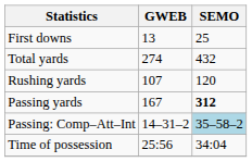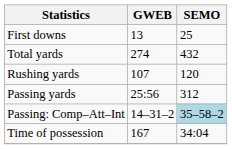 <table class="wikitable" style="float: left;">
 <tr>
 <th>Statistics</th>
 <th>GWEB</th>
 <th>SEMO</th>
 </tr>
 <tr>
 <td>First downs</td>
 <td>13</td>
 <td>25</td>
 </tr>
 <tr>
 <td>Total yards</td>
 <td>274</td>
 <td>432</td>
 </tr>
 <tr>
 <td>Rushing yards</td>
 <td>107</td>
 <td>120</td>
 </tr>
 <tr>
 <td>Passing yards</td>
-<td>167</td>
-<td><strong>312</strong></td>
+<td>25:56</td>
+<td>312</td>
 </tr>
 <tr>
 <td>Passing: Comp–Att–Int</td>
 <td>14–31–2</td>
 <td style="background: lightblue;">35–58–2</td>
 </tr>
 <tr>
 <td>Time of possession</td>
-<td>25:56</td>
+<td>167</td>
 <td>34:04</td>
 </tr>
 <tr>
 </tr>
 </table>
